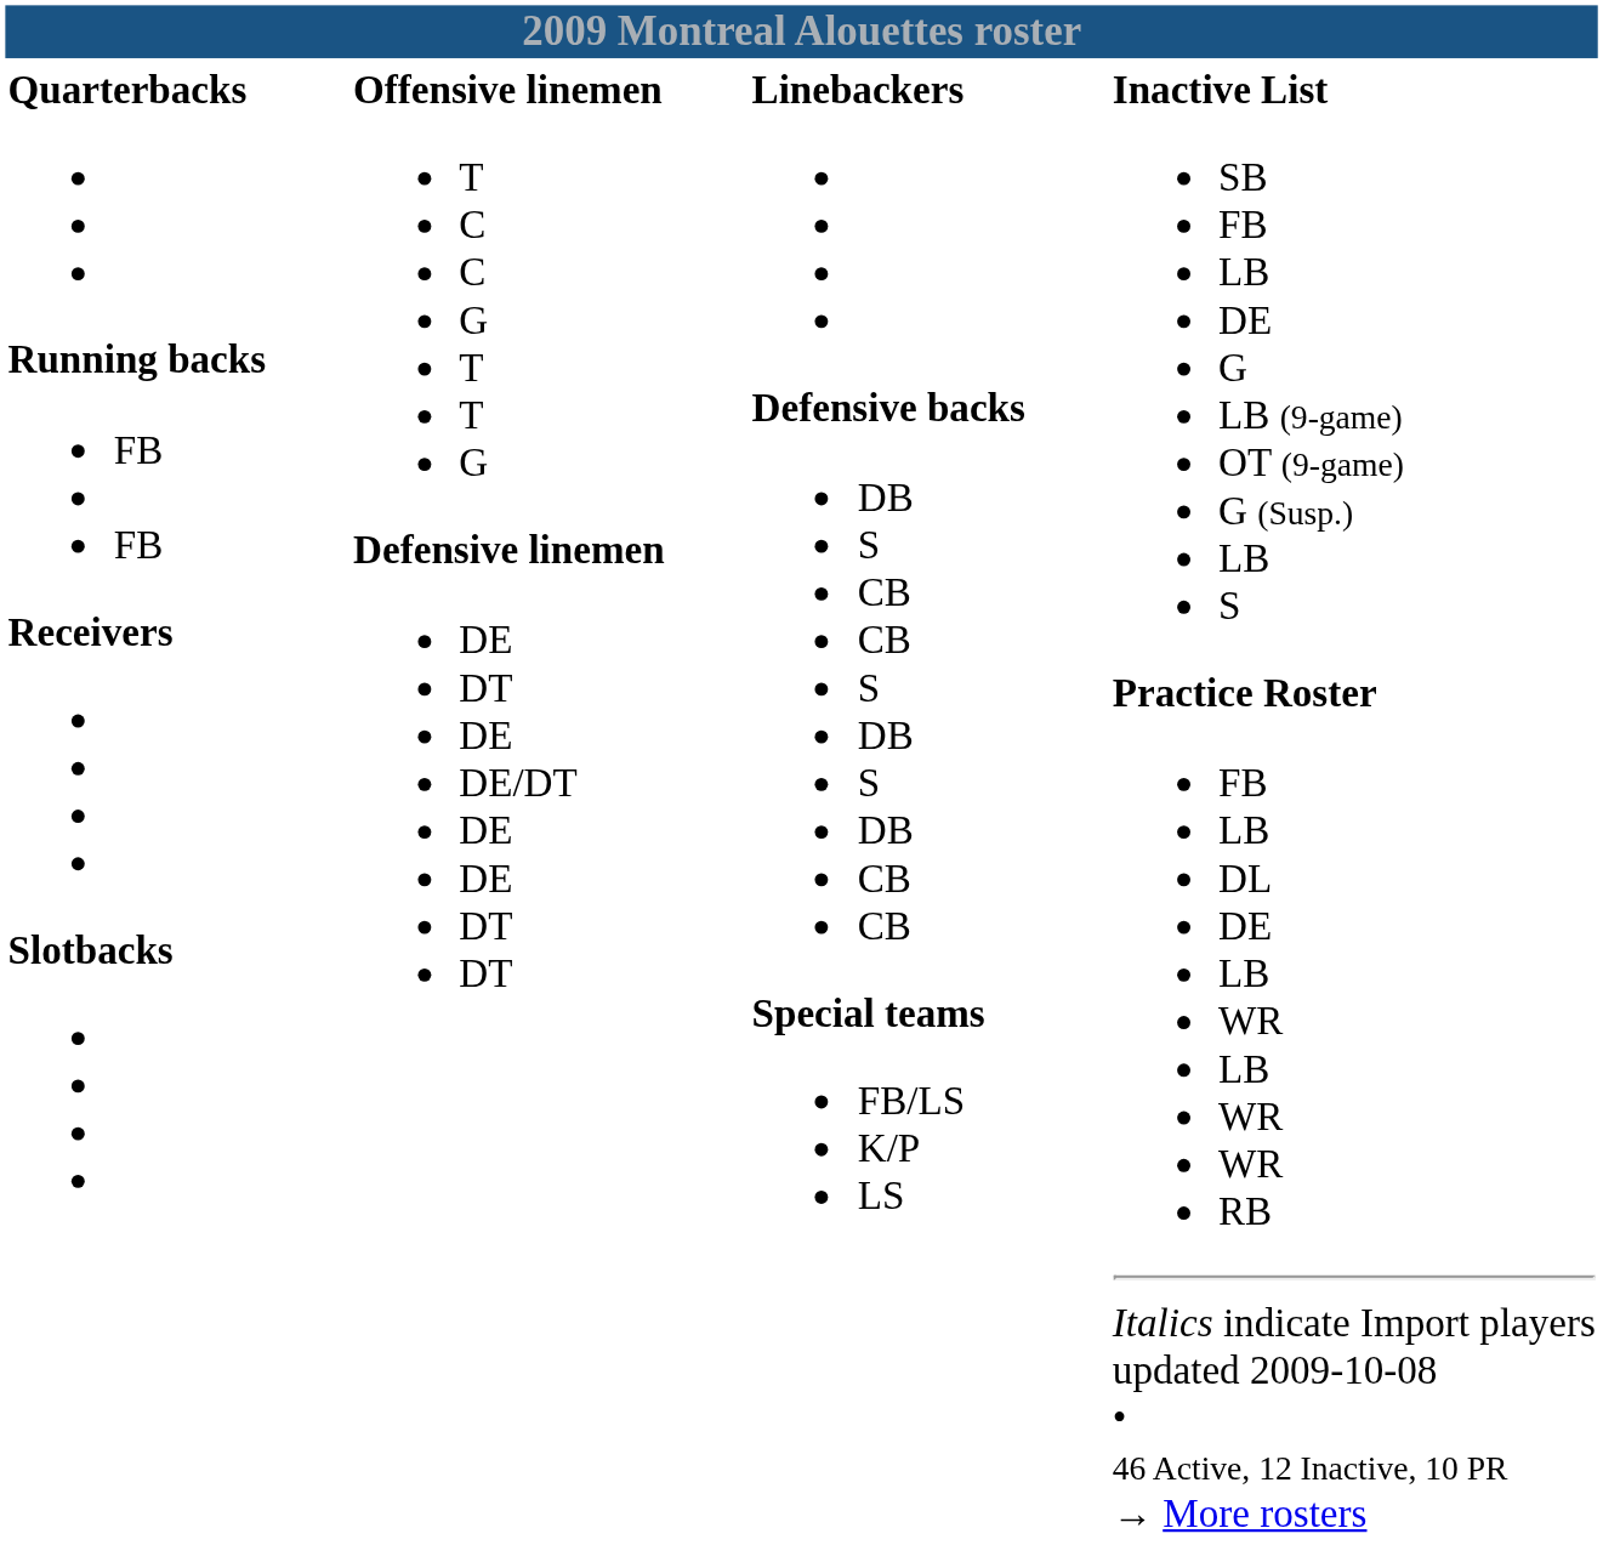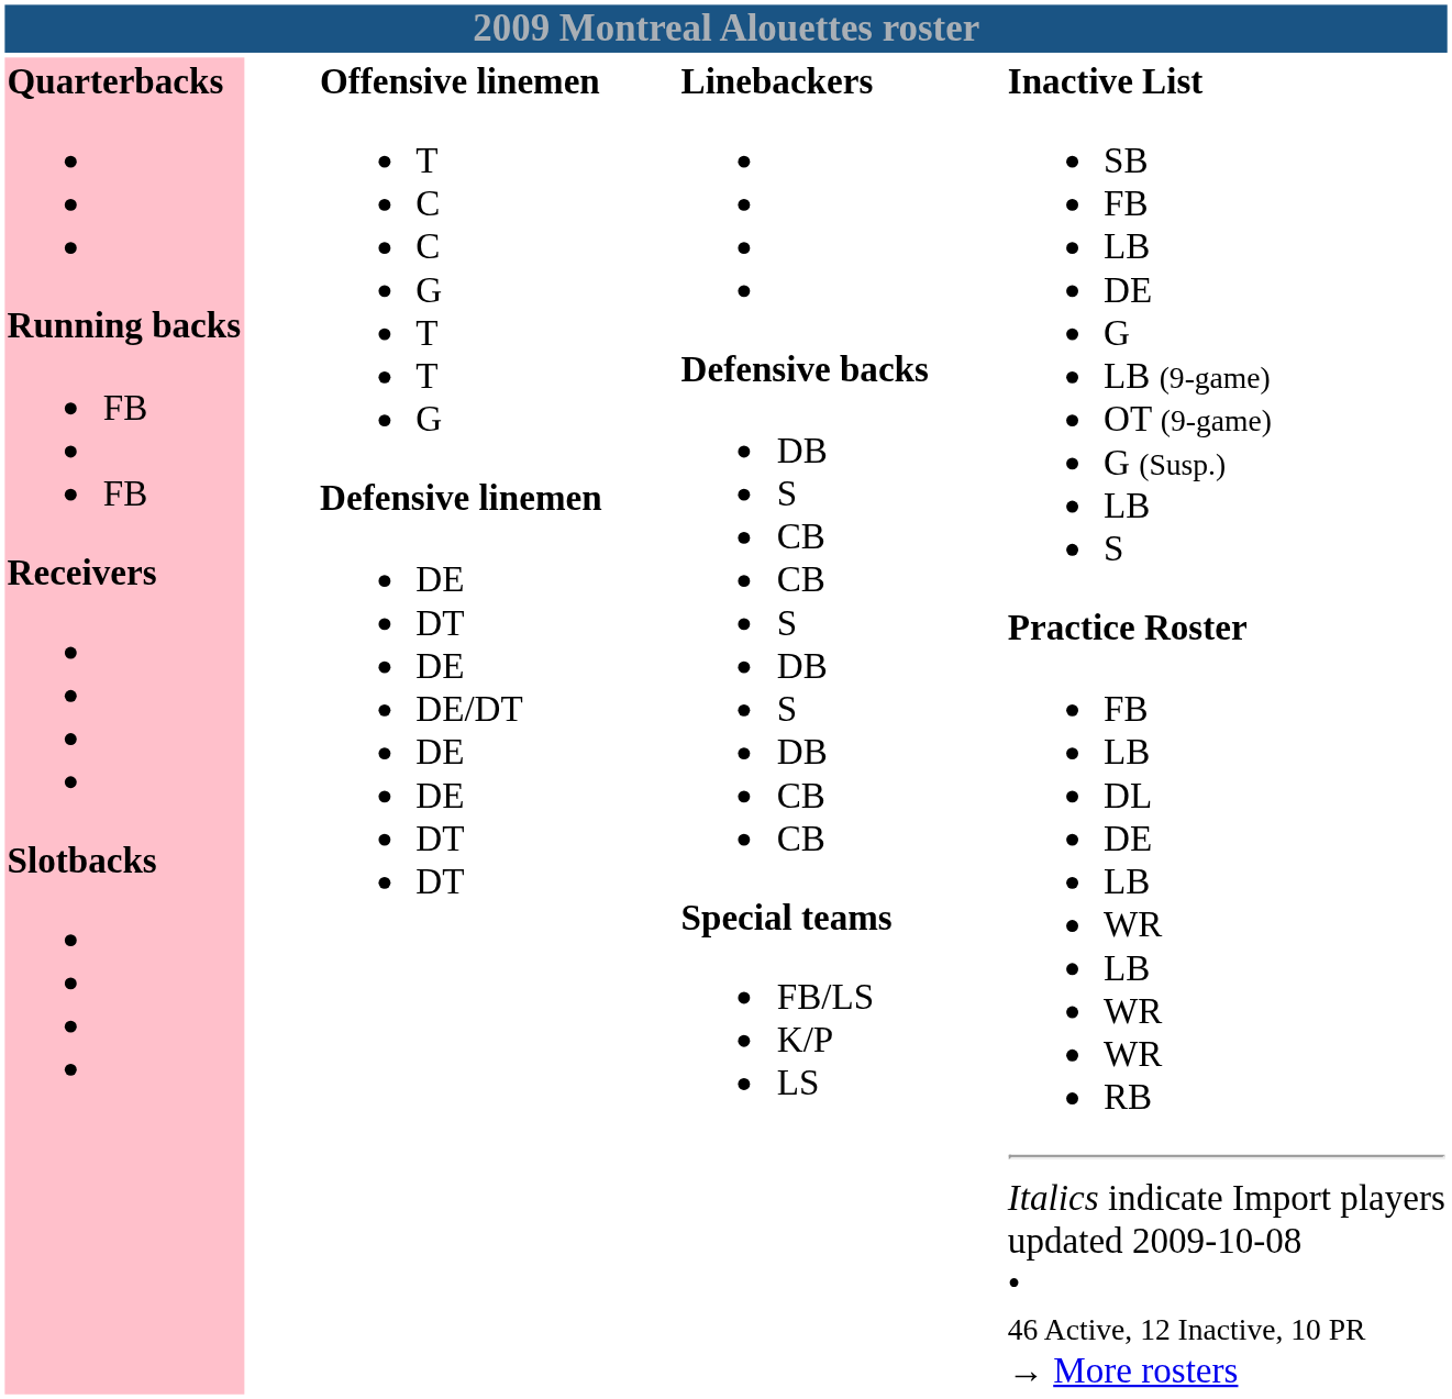 <table class="toccolours" style="text-align: left;">
 <tr>
 <th colspan="7" style="background-color: #1A5484;color:#A9AFB5;text-align:center;">2009 Montreal Alouettes roster</th>
 </tr>
 <tr>
-<td style="font-size: 95%;" valign="top"><strong>Quarterbacks</strong><br><ul><li></li><li></li><li></li></ul><strong>Running backs</strong><ul><li> FB</li><li></li><li> FB</li></ul><strong>Receivers</strong><ul><li></li><li></li><li></li><li></li></ul><strong>Slotbacks</strong><ul><li></li><li></li><li></li><li></li></ul></td>
+<td style="background: pink; font-size: 95%;" valign="top"><strong>Quarterbacks</strong><br><ul><li></li><li></li><li></li></ul><strong>Running backs</strong><ul><li> FB</li><li></li><li> FB</li></ul><strong>Receivers</strong><ul><li></li><li></li><li></li><li></li></ul><strong>Slotbacks</strong><ul><li></li><li></li><li></li><li></li></ul></td>
 <td style="width: 25px;"></td>
 <td style="font-size: 95%;" valign="top"><strong>Offensive linemen</strong><br><ul><li> T</li><li> C</li><li> C</li><li> G</li><li> T</li><li> T</li><li> G</li></ul><strong>Defensive linemen</strong><ul><li> DE</li><li> DT</li><li> DE</li><li> DE/DT</li><li> DE</li><li> DE</li><li> DT</li><li> DT</li></ul></td>
 <td style="width: 25px;"></td>
 <td style="font-size: 95%;" valign="top"><strong>Linebackers</strong><br><ul><li></li><li></li><li></li><li></li></ul><strong>Defensive backs</strong><ul><li> DB</li><li> S</li><li> CB</li><li> CB</li><li> S</li><li> DB</li><li> S</li><li> DB</li><li> CB</li><li> CB</li></ul><strong>Special teams</strong><ul><li> FB/LS</li><li> K/P</li><li> LS</li></ul></td>
 <td style="width: 25px;"></td>
 <td style="font-size: 95%;" valign="top"><strong>Inactive List</strong><br><ul><li> SB </li><li> FB </li><li> LB </li><li> DE </li><li> G </li><li> LB  <small>(9-game)</small></li><li> OT  <small>(9-game)</small></li><li> G <small>(Susp.)</small></li><li> LB </li><li> S </li></ul><strong>Practice Roster</strong><ul><li> FB</li><li> LB</li><li> DL</li><li> DE</li><li> LB</li><li> WR</li><li> LB</li><li> WR</li><li> WR</li><li> RB</li></ul><hr> <em>Italics</em> indicate Import players<br> <span></span> updated 2009-10-08<br> <span></span> • <span></span><br> <small>46 Active, 12 Inactive, 10 PR</small><br>→ <a href='#'>More rosters</a></td>
 </tr>
 <tr>
 </tr>
 </table>
